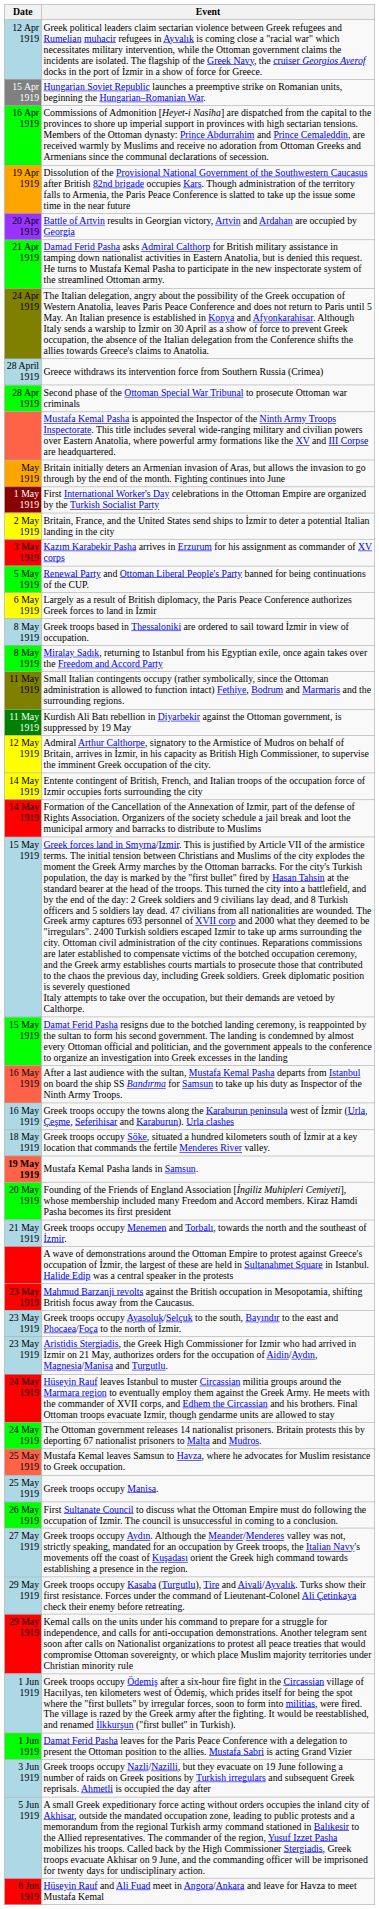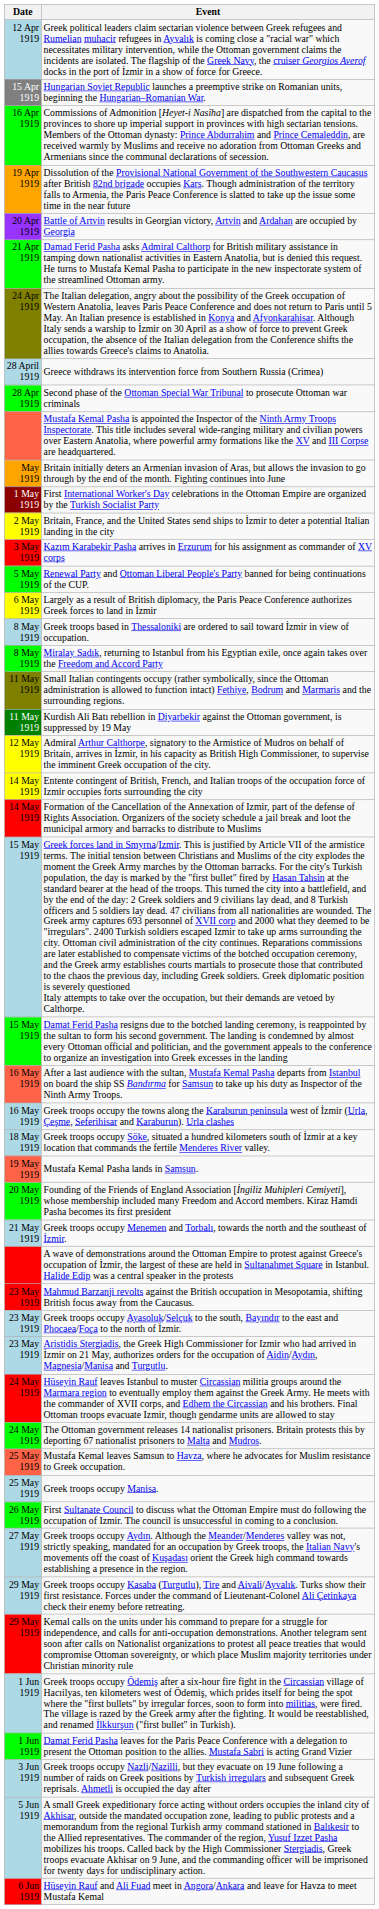 <table class="wikitable">
 <tr>
 <th width="10%">Date</th>
 <th>Event</th>
 </tr>
 <tr>
 <td valign="top" align="right" style="background:lightblue">12 Apr 1919</td>
 <td>Greek political leaders claim sectarian violence between Greek refugees and <a href='#'>Rumelian</a> <a href='#'>muhacir</a> refugees in <a href='#'>Ayvalık</a> is coming close a "racial war" which necessitates military intervention, while the Ottoman government claims the incidents are isolated. The flagship of the <a href='#'>Greek Navy</a>, the <a href='#'>cruiser <em>Georgios Averof</em></a> docks in the port of İzmir in a show of force for Greece.</td>
 </tr>
 <tr>
 <td valign="top" align="right" style="background:Grey; color: white;">15 Apr 1919</td>
 <td><a href='#'>Hungarian Soviet Republic</a> launches a preemptive strike on Romanian units, beginning the <a href='#'>Hungarian–Romanian War</a>.</td>
 </tr>
 <tr>
 <td valign="top" align="right" style="background:lime">16 Apr 1919</td>
 <td>Commissions of Admonition [<em>Heyet-i Nasîha</em>] are dispatched from the capital to the provinces to shore up imperial support in provinces with high sectarian tensions. Members of the Ottoman dynasty: <a href='#'>Prince Abdurrahim</a> and <a href='#'>Prince Cemaleddin</a>, are received warmly by Muslims and receive no adoration from Ottoman Greeks and Armenians since the communal declarations of secession.</td>
 </tr>
 <tr>
 <td valign="top" align="right" style="background:Orange">19 Apr 1919</td>
 <td>Dissolution of the <a href='#'>Provisional National Government of the Southwestern Caucasus</a> after British <a href='#'>82nd brigade</a> occupies <a href='#'>Kars</a>. Though administration of the territory falls to Armenia, the Paris Peace Conference is slatted to take up the issue some time in the near future</td>
 </tr>
 <tr>
 <td valign="top" align="right" style="background:#9933FF">20 Apr 1919</td>
 <td><a href='#'>Battle of Artvin</a> results in Georgian victory, <a href='#'>Artvin</a> and <a href='#'>Ardahan</a> are occupied by <a href='#'>Georgia</a></td>
 </tr>
 <tr>
 <td valign="top" align="right" style="background:Lime">21 Apr 1919</td>
 <td><a href='#'>Damad Ferid Pasha</a> asks <a href='#'>Admiral Calthorp</a> for British military assistance in tamping down nationalist activities in Eastern Anatolia, but is denied this request. He turns to Mustafa Kemal Pasha to participate in the new inspectorate system of the streamlined Ottoman army.</td>
 </tr>
 <tr>
 <td valign="top" align="right" style="background:Olive">24 Apr 1919</td>
 <td>The Italian delegation, angry about the possibility of the Greek occupation of Western Anatolia, leaves Paris Peace Conference and does not return to Paris until 5 May. An Italian presence is established in <a href='#'>Konya</a> and <a href='#'>Afyonkarahisar</a>. Although Italy sends a warship to İzmir on 30 April as a show of force to prevent Greek occupation, the absence of the Italian delegation from the Conference shifts the allies towards Greece's claims to Anatolia.</td>
 </tr>
 <tr>
 <td valign="top" align="right" style="background:Lightblue">28 April 1919</td>
 <td>Greece withdraws its intervention force from Southern Russia (Crimea)</td>
 </tr>
 <tr>
 <td valign="top" align="right" style="background:Lime">28 Apr 1919</td>
 <td>Second phase of the <a href='#'>Ottoman Special War Tribunal</a> to prosecute Ottoman war criminals</td>
 </tr>
 <tr>
 <td valign="top" align="right" style="background:Tomato"></td>
 <td><a href='#'>Mustafa Kemal Pasha</a> is appointed the Inspector of the <a href='#'>Ninth Army Troops Inspectorate</a>. This title includes several wide-ranging military and civilian powers over Eastern Anatolia, where powerful army formations like the <a href='#'>XV</a> and <a href='#'>III Corpse</a> are headquartered.</td>
 </tr>
 <tr>
 <td valign="top" align="right" style="background:Orange">May 1919</td>
 <td>Britain initially deters an Armenian invasion of Aras, but allows the invasion to go through by the end of the month. Fighting continues into June</td>
 </tr>
 <tr>
 <td valign="top" align="right" style="background:Darkred; color: white;">1 May 1919</td>
 <td>First <a href='#'>International Worker's Day</a> celebrations in the Ottoman Empire are organized by the <a href='#'>Turkish Socialist Party</a></td>
 </tr>
 <tr>
 <td valign="top" align="right" style="background:Yellow">2 May 1919</td>
 <td>Britain, France, and the United States send ships to İzmir to deter a potential Italian landing in the city</td>
 </tr>
 <tr>
 <td valign="top" align="right" style="background:Red">3 May 1919</td>
 <td><a href='#'>Kazım Karabekir Pasha</a> arrives in <a href='#'>Erzurum</a> for his assignment as commander of <a href='#'>XV corps</a></td>
 </tr>
 <tr>
 <td valign="top" align="right" style="background:Lime">5 May 1919</td>
 <td><a href='#'>Renewal Party</a> and <a href='#'>Ottoman Liberal People's Party</a> banned for being continuations of the CUP.</td>
 </tr>
 <tr>
 <td valign="top" align="right" style="background:Yellow">6 May 1919</td>
 <td>Largely as a result of British diplomacy, the Paris Peace Conference authorizes Greek forces to land in İzmir</td>
 </tr>
 <tr>
 <td valign="top" align="right" style="background:Lightblue">8 May 1919</td>
 <td>Greek troops based in <a href='#'>Thessaloniki</a> are ordered to sail toward İzmir in view of occupation.</td>
 </tr>
 <tr>
 <td valign="top" align="right" style="background:Lime">8 May 1919</td>
 <td><a href='#'>Miralay Sadık</a>, returning to Istanbul from his Egyptian exile, once again takes over the <a href='#'>Freedom and Accord Party</a></td>
 </tr>
 <tr>
 <td valign="top" align="right" style="background:Olive">11 May 1919</td>
 <td>Small Italian contingents occupy (rather symbolically, since the Ottoman administration is allowed to function intact) <a href='#'>Fethiye</a>, <a href='#'>Bodrum</a> and <a href='#'>Marmaris</a> and the surrounding regions.</td>
 </tr>
 <tr>
 <td valign="top" align="right" style="background:Green; color: white;">11 May 1919</td>
 <td>Kurdish Ali Batı rebellion in <a href='#'>Diyarbekir</a> against the Ottoman government, is suppressed by 19 May</td>
 </tr>
 <tr>
 <td valign="top" align="right" style="background:Yellow">12 May 1919</td>
 <td>Admiral <a href='#'>Arthur Calthorpe</a>, signatory to the Armistice of Mudros on behalf of Britain, arrives in İzmir, in his capacity as British High Commissioner, to supervise the imminent Greek occupation of the city.</td>
 </tr>
 <tr>
 <td valign="top" align="right" style="background:yellow">14 May 1919</td>
 <td>Entente contingent of British, French, and Italian troops of the occupation force of Izmir occupies forts surrounding the city</td>
 </tr>
 <tr>
 <td valign="top" align="right" style="background:red">14 May 1919</td>
 <td>Formation of the Cancellation of the Annexation of Izmir, part of the defense of Rights Association. Organizers of the society schedule a jail break and loot the municipal armory and barracks to distribute to Muslims</td>
 </tr>
 <tr>
 <td valign="top" align="right" style="background:Lightblue">15 May 1919</td>
 <td><a href='#'>Greek forces land in Smyrna</a>/<a href='#'>Izmir</a>. This is justified by Article VII of the armistice terms. The initial tension between Christians and Muslims of the city explodes the moment the Greek Army marches by the Ottoman barracks. For the city's Turkish population, the day is marked by the "first bullet" fired by <a href='#'>Hasan Tahsin</a> at the standard bearer at the head of the troops. This turned the city into a battlefield, and by the end of the day: 2 Greek soldiers and 9 civilians lay dead, and 8 Turkish officers and 5 soldiers lay dead. 47 civilians from all nationalities are wounded. The Greek army captures 693 personnel of <a href='#'>XVII corp</a> and 2000 what they deemed to be "irregulars". 2400 Turkish soldiers escaped Izmir to take up arms surrounding the city. Ottoman civil administration of the city continues. Reparations commissions are later established to compensate victims of the botched occupation ceremony, and the Greek army establishes courts martials to prosecute those that contributed to the chaos the previous day, including Greek soldiers. Greek diplomatic position is severely questioned<br>Italy attempts to take over the occupation, but their demands are vetoed by Calthorpe.</td>
 </tr>
 <tr>
 <td valign="top" align="right" style="background:Lime">15 May 1919</td>
 <td><a href='#'>Damat Ferid Pasha</a> resigns due to the botched landing ceremony, is reappointed by the sultan to form his second government. The landing is condemned by almost every Ottoman official and politician, and the government appeals to the conference to organize an investigation into Greek excesses in the landing</td>
 </tr>
 <tr>
 <td valign="top" align="right" style="background:Tomato">16 May 1919</td>
 <td>After a last audience with the sultan, <a href='#'>Mustafa Kemal Pasha</a> departs from <a href='#'>Istanbul</a> on board the ship SS <em><a href='#'>Bandırma</a></em> for <a href='#'>Samsun</a> to take up his duty as Inspector of the Ninth Army Troops.</td>
 </tr>
 <tr>
 <td valign="top" align="right" style="background:Lightblue">16 May 1919</td>
 <td>Greek troops occupy the towns along the <a href='#'>Karaburun peninsula</a> west of İzmir (<a href='#'>Urla</a>, <a href='#'>Çeşme</a>, <a href='#'>Seferihisar</a> and <a href='#'>Karaburun</a>). <a href='#'>Urla clashes</a></td>
 </tr>
 <tr>
 <td valign="top" align="right" style="background:Lightblue">18 May 1919</td>
 <td>Greek troops occupy <a href='#'>Söke</a>, situated a hundred kilometers south of İzmir at a key location that commands the fertile <a href='#'>Menderes River</a> valley.</td>
 </tr>
 <tr>
-<td valign="top" align="right" style="background:Tomato"><strong>19 May 1919</strong></td>
+<td valign="top" align="right" style="background:Tomato">19 May 1919</td>
 <td>Mustafa Kemal Pasha lands in <a href='#'>Samsun</a>.</td>
 </tr>
 <tr>
 <td valign="top" align="right" style="background:lime">20 May 1919</td>
 <td>Founding of the Friends of England Association [<em>İngiliz Muhipleri Cemiyeti</em>], whose membership included many Freedom and Accord members. Kiraz Hamdi Pasha becomes its first president</td>
 </tr>
 <tr>
 <td valign="top" align="right" style="background:Lightblue">21 May 1919</td>
 <td>Greek troops occupy <a href='#'>Menemen</a> and <a href='#'>Torbalı</a>, towards the north and the southeast of <a href='#'>İzmir</a>.</td>
 </tr>
 <tr>
 <td valign="top" align="right" style="background:Red"></td>
 <td>A wave of demonstrations around the Ottoman Empire to protest against Greece's occupation of İzmir, the largest of these are held in <a href='#'>Sultanahmet Square</a> in Istanbul. <a href='#'>Halide Edip</a> was a central speaker in the protests</td>
 </tr>
 <tr>
 <td valign="top" align="right" style="background:Red">23 May 1919</td>
 <td><a href='#'>Mahmud Barzanji revolts</a> against the British occupation in Mesopotamia, shifting British focus away from the Caucasus.</td>
 </tr>
 <tr>
 <td valign="top" align="right" style="background:Lightblue">23 May 1919</td>
 <td>Greek troops occupy <a href='#'>Ayasoluk</a>/<a href='#'>Selçuk</a> to the south, <a href='#'>Bayındır</a> to the east and <a href='#'>Phocaea</a>/<a href='#'>Foça</a> to the north of İzmir.</td>
 </tr>
 <tr>
 <td valign="top" align="right" style="background:Lightblue">23 May 1919</td>
 <td><a href='#'>Aristidis Stergiadis</a>, the Greek High Commissioner for Izmir who had arrived in İzmir on 21 May, authorizes orders for the occupation of <a href='#'>Aidin</a>/<a href='#'>Aydın</a>, <a href='#'>Magnesia</a>/<a href='#'>Manisa</a> and <a href='#'>Turgutlu</a>.</td>
 </tr>
 <tr>
 <td valign="top" align="right" style="background:red">24 May 1919</td>
 <td><a href='#'>Hüseyin Rauf</a> leaves Istanbul to muster <a href='#'>Circassian</a> militia groups around the <a href='#'>Marmara region</a> to eventually employ them against the Greek Army. He meets with the commander of XVII corps, and <a href='#'>Edhem the Circassian</a> and his brothers. Final Ottoman troops evacuate Izmir, though gendarme units are allowed to stay</td>
 </tr>
 <tr>
 <td valign="top" align="right" style="background:lime">24 May 1919</td>
 <td>The Ottoman government releases 14 nationalist prisoners. Britain protests this by deporting 67 nationalist prisoners to <a href='#'>Malta</a> and <a href='#'>Mudros</a>.</td>
 </tr>
 <tr>
 <td valign="top" align="right" style="background:Tomato">25 May 1919</td>
 <td>Mustafa Kemal leaves Samsun to <a href='#'>Havza</a>, where he advocates for Muslim resistance to Greek occupation.</td>
 </tr>
 <tr>
 <td valign="top" align="right" style="background:Lightblue">25 May 1919</td>
 <td>Greek troops occupy <a href='#'>Manisa</a>.</td>
 </tr>
 <tr>
 <td valign="top" align="right" style="background:Lime">26 May 1919</td>
 <td>First <a href='#'>Sultanate Council</a> to discuss what the Ottoman Empire must do following the occupation of Izmir. The council is unsuccessful in coming to a conclusion.</td>
 </tr>
 <tr>
 <td valign="top" align="right" style="background:Lightblue">27 May 1919</td>
 <td>Greek troops occupy <a href='#'>Aydın</a>. Although the <a href='#'>Meander</a>/<a href='#'>Menderes</a> valley was not, strictly speaking, mandated for an occupation by Greek troops, the <a href='#'>Italian Navy</a>'s movements off the coast of <a href='#'>Kuşadası</a> orient the Greek high command towards establishing a presence in the region.</td>
 </tr>
 <tr>
 <td valign="top" align="right" style="background:Lightblue">29 May 1919</td>
 <td>Greek troops occupy <a href='#'>Kasaba</a> (<a href='#'>Turgutlu</a>), <a href='#'>Tire</a> and <a href='#'>Aivali</a>/<a href='#'>Ayvalık</a>. Turks show their first resistance. Forces under the command of Lieutenant-Colonel <a href='#'>Ali Çetinkaya</a> check their enemy before retreating.</td>
 </tr>
 <tr>
 <td valign="top" align="right" style="background:red">29 May 1919</td>
 <td>Kemal calls on the units under his command to prepare for a struggle for independence, and calls for anti-occupation demonstrations. Another telegram sent soon after calls on Nationalist organizations to protest all peace treaties that would compromise Ottoman sovereignty, or which place Muslim majority territories under Christian minority rule</td>
 </tr>
 <tr>
 <td valign="top" align="right" style="background:Lightblue">1 Jun 1919</td>
 <td>Greek troops occupy <a href='#'>Ödemiş</a> after a six-hour fire fight in the <a href='#'>Circassian</a> village of Hacıilyas, ten kilometers west of Ödemiş, which prides itself for being the spot where the "first bullets" by irregular forces, soon to form into <a href='#'>militias</a>, were fired. The village is razed by the Greek army after the fighting. It would be reestablished, and renamed <a href='#'>İlkkurşun</a> ("first bullet" in Turkish).</td>
 </tr>
 <tr>
 <td valign="top" align="right" style="background:Lime">1 Jun 1919</td>
 <td><a href='#'>Damat Ferid Pasha</a> leaves for the Paris Peace Conference with a delegation to present the Ottoman position to the allies. <a href='#'>Mustafa Sabri</a> is acting Grand Vizier</td>
 </tr>
 <tr>
 <td valign="top" align="right" style="background:Lightblue">3 Jun 1919</td>
 <td>Greek troops occupy <a href='#'>Nazli</a>/<a href='#'>Nazilli</a>, but they evacuate on 19 June following a number of raids on Greek positions by <a href='#'>Turkish irregulars</a> and subsequent Greek reprisals. <a href='#'>Ahmetli</a> is occupied the day after</td>
 </tr>
 <tr>
 <td valign="top" align="right" style="background:Lightblue">5 Jun 1919</td>
 <td>A small Greek expeditionary force acting without orders occupies the inland city of <a href='#'>Akhisar</a>, outside the mandated occupation zone, leading to public protests and a memorandum from the regional Turkish army command stationed in <a href='#'>Balıkesir</a> to the Allied representatives. The commander of the region, <a href='#'>Yusuf Izzet Pasha</a> mobilizes his troops. Called back by the High Commissioner <a href='#'>Stergiadis</a>, Greek troops evacuate Akhisar on 9 June, and the commanding officer will be imprisoned for twenty days for undisciplinary action.</td>
 </tr>
 <tr>
 <td valign="top" align="right" style="background:Red">6 Jun 1919</td>
 <td><a href='#'>Hüseyin Rauf</a> and <a href='#'>Ali Fuad</a> meet in <a href='#'>Angora</a>/<a href='#'>Ankara</a> and leave for Havza to meet Mustafa Kemal</td>
 </tr>
 </table>
